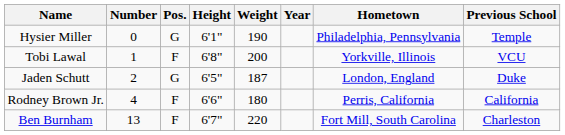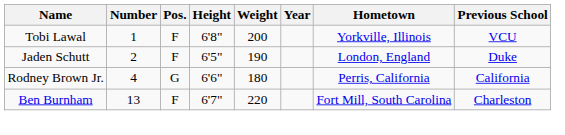 <table class="wikitable sortable" style="text-align:center;">
 <tr align=center>
 <th>Name</th>
 <th>Number</th>
 <th>Pos.</th>
 <th>Height</th>
 <th>Weight</th>
 <th>Year</th>
 <th>Hometown</th>
 <th>Previous School</th>
-</tr>
-<tr>
-<td>Hysier Miller</td>
-<td>0</td>
-<td>G</td>
-<td>6'1"</td>
-<td>190</td>
-<td></td>
-<td><a href='#'>Philadelphia, Pennsylvania</a></td>
-<td><a href='#'>Temple</a></td>
 </tr>
 <tr>
 <td>Tobi Lawal</td>
 <td>1</td>
 <td>F</td>
 <td>6'8"</td>
 <td>200</td>
 <td></td>
 <td><a href='#'>Yorkville, Illinois</a></td>
 <td><a href='#'>VCU</a></td>
 </tr>
 <tr>
 <td>Jaden Schutt</td>
 <td>2</td>
-<td>G</td>
+<td>F</td>
 <td>6'5"</td>
-<td>187</td>
+<td>190</td>
 <td></td>
 <td><a href='#'>London, England</a></td>
 <td><a href='#'>Duke</a></td>
 </tr>
 <tr>
 <td>Rodney Brown Jr.</td>
 <td>4</td>
-<td>F</td>
+<td>G</td>
 <td>6'6"</td>
 <td>180</td>
 <td></td>
 <td><a href='#'>Perris, California</a></td>
 <td><a href='#'>California</a></td>
 </tr>
 <tr>
 <td><a href='#'>Ben Burnham</a></td>
 <td>13</td>
 <td>F</td>
 <td>6'7"</td>
 <td>220</td>
 <td></td>
 <td><a href='#'>Fort Mill, South Carolina</a></td>
 <td><a href='#'>Charleston</a></td>
 </tr>
 </table>
